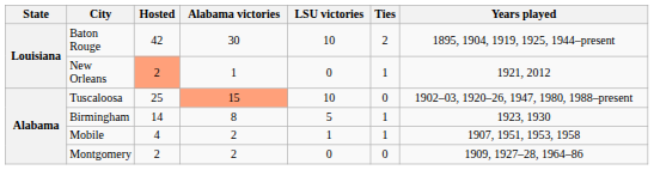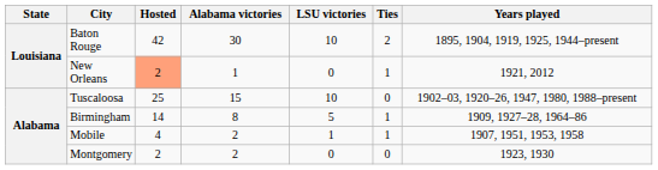 <table class="wikitable">
 <tr>
 <th>State</th>
 <th width="10%">City</th>
 <th>Hosted</th>
 <th>Alabama victories</th>
 <th>LSU victories</th>
 <th>Ties</th>
 <th>Years played</th>
 </tr>
 <tr>
 <th rowspan="2">Louisiana</th>
 <td>Baton Rouge</td>
 <td style="text-align:center;">42</td>
 <td style="text-align:center;">30</td>
 <td style="text-align:center;">10</td>
 <td style="text-align:center;">2</td>
 <td style="text-align:center;">1895, 1904, 1919, 1925, 1944–present</td>
 </tr>
 <tr>
 <td>New Orleans</td>
 <td style="background: lightsalmon; text-align:center;">2</td>
 <td style="text-align:center;">1</td>
 <td style="text-align:center;">0</td>
 <td style="text-align:center;">1</td>
 <td style="text-align:center;">1921, 2012</td>
 </tr>
 <tr>
 <th rowspan="4">Alabama</th>
 <td>Tuscaloosa</td>
 <td style="text-align:center;">25</td>
-<td style="background: lightsalmon; text-align:center;">15</td>
+<td style="text-align:center;">15</td>
 <td style="text-align:center;">10</td>
 <td style="text-align:center;">0</td>
 <td style="text-align:center;">1902–03, 1920–26, 1947, 1980, 1988–present</td>
 </tr>
 <tr>
 <td>Birmingham</td>
 <td style="text-align:center;">14</td>
 <td style="text-align:center;">8</td>
 <td style="text-align:center;">5</td>
 <td style="text-align:center;">1</td>
-<td style="text-align:center;">1923, 1930</td>
+<td style="text-align:center;">1909, 1927–28, 1964–86</td>
 </tr>
 <tr>
 <td>Mobile</td>
 <td style="text-align:center;">4</td>
 <td style="text-align:center;">2</td>
 <td style="text-align:center;">1</td>
 <td style="text-align:center;">1</td>
 <td style="text-align:center;">1907, 1951, 1953, 1958</td>
 </tr>
 <tr>
 <td>Montgomery</td>
 <td style="text-align:center;">2</td>
 <td style="text-align:center;">2</td>
 <td style="text-align:center;">0</td>
 <td style="text-align:center;">0</td>
-<td style="text-align:center;">1909, 1927–28, 1964–86</td>
+<td style="text-align:center;">1923, 1930</td>
 </tr>
 </table>
